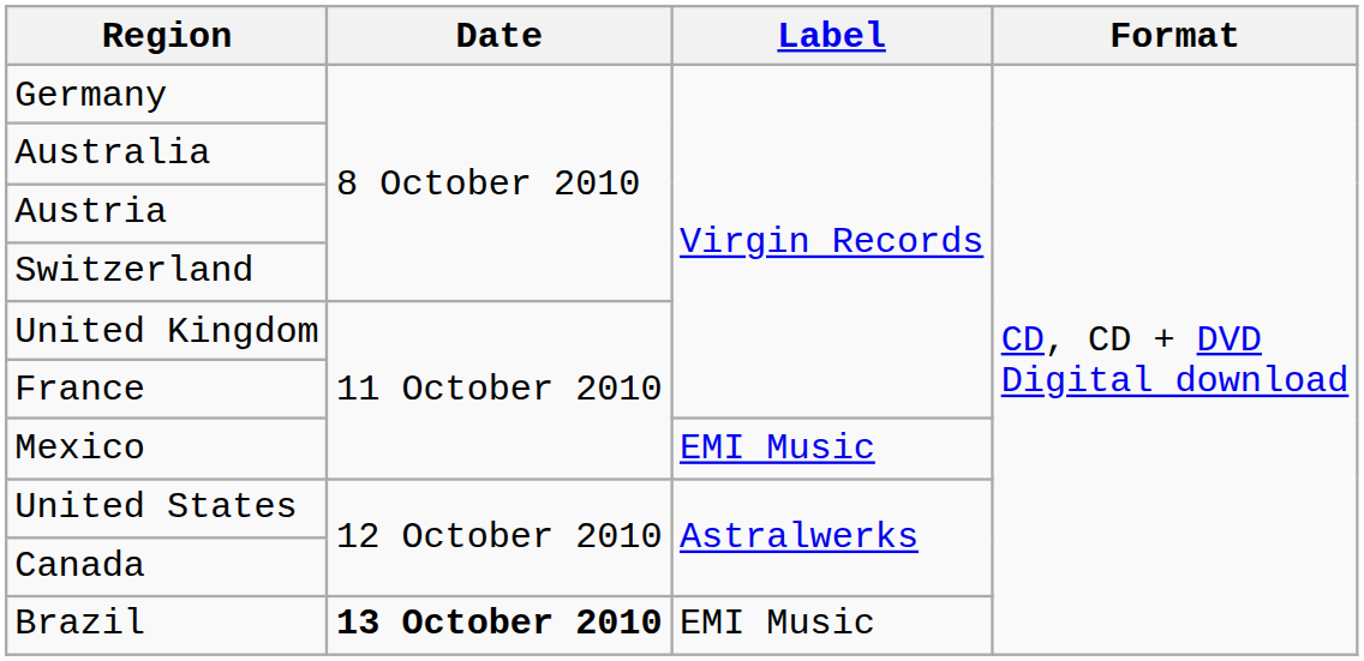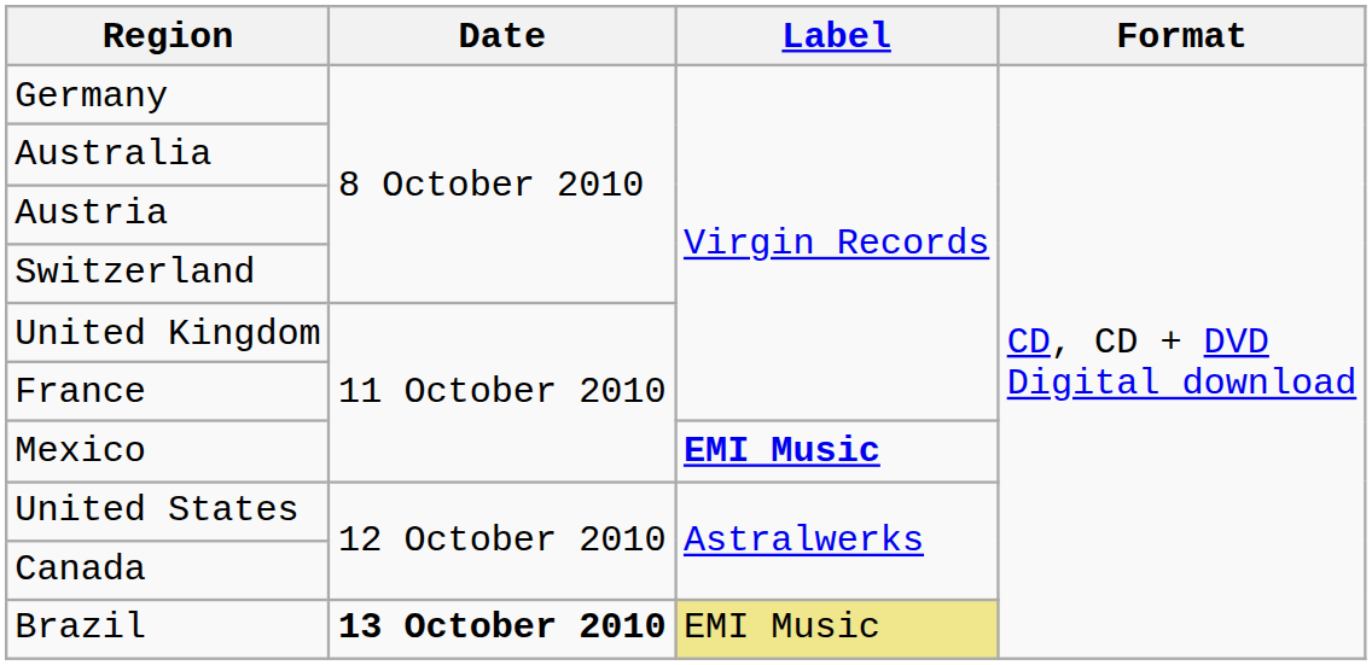 <table class="wikitable">
 <tr>
 <th>Region</th>
 <th>Date</th>
 <th><a href='#'>Label</a></th>
 <th>Format</th>
 </tr>
 <tr>
 <td>Germany</td>
 <td rowspan="4">8 October 2010</td>
 <td rowspan="6"><a href='#'>Virgin Records</a></td>
 <td rowspan="10"><a href='#'>CD</a>, CD + <a href='#'>DVD</a><br><a href='#'>Digital download</a></td>
 </tr>
 <tr>
 <td>Australia</td>
 </tr>
 <tr>
 <td>Austria</td>
 </tr>
 <tr>
 <td>Switzerland</td>
 </tr>
 <tr>
 <td>United Kingdom</td>
 <td rowspan="3">11 October 2010</td>
 </tr>
 <tr>
 <td>France</td>
 </tr>
 <tr>
 <td>Mexico</td>
-<td><a href='#'>EMI Music</a></td>
+<td><strong><a href='#'>EMI Music</a></strong></td>
 </tr>
 <tr>
 <td>United States</td>
 <td rowspan="2">12 October 2010</td>
 <td rowspan="2"><a href='#'>Astralwerks</a></td>
 </tr>
 <tr>
 <td>Canada</td>
 </tr>
 <tr>
 <td>Brazil</td>
 <td><strong>13 October 2010</strong></td>
-<td>EMI Music</td>
+<td style="background: khaki;">EMI Music</td>
 </tr>
 </table>
